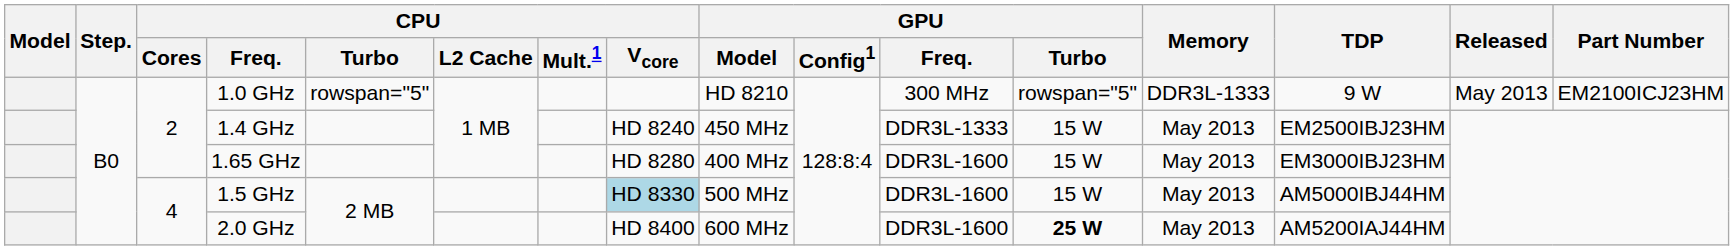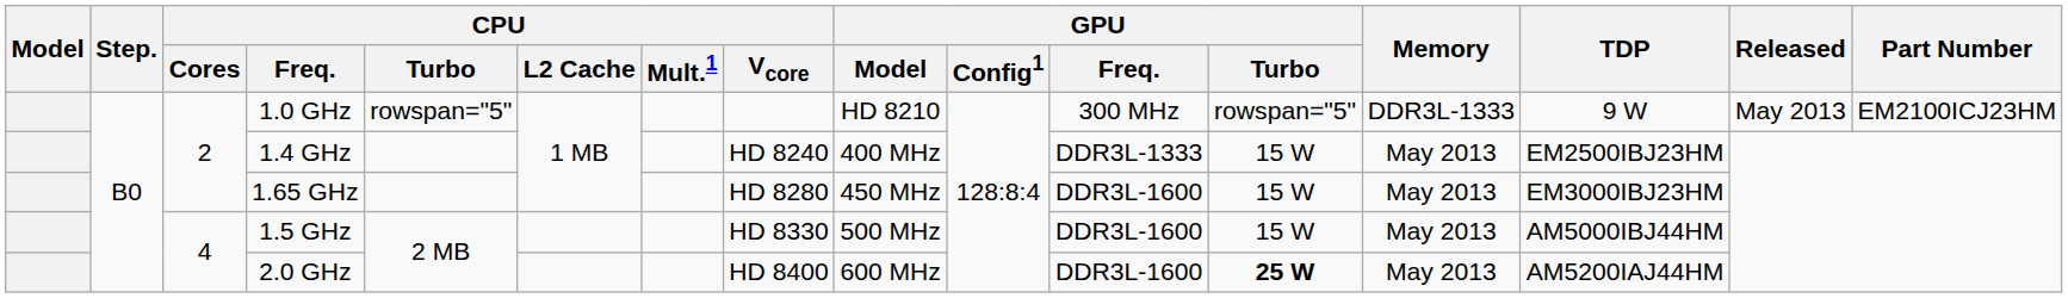 <table class="wikitable" style="text-align: center;">
 <tr>
 <th rowspan="2">Model</th>
 <th rowspan="2">Step.</th>
 <th colspan="6">CPU</th>
 <th colspan="4">GPU</th>
 <th rowspan="2">Memory</th>
 <th rowspan="2">TDP</th>
 <th rowspan="2">Released</th>
 <th rowspan="2">Part Number</th>
 </tr>
 <tr>
 <th>Cores</th>
 <th>Freq.</th>
 <th>Turbo</th>
 <th>L2 Cache</th>
 <th>Mult.<sup><a href='#'>1</a></sup></th>
 <th>V<sub>core</sub></th>
 <th>Model</th>
 <th>Config<sup>1</sup></th>
 <th>Freq.</th>
 <th>Turbo</th>
 </tr>
 <tr>
 <th style="text-align: left;"></th>
 <td rowspan="5">B0</td>
 <td rowspan="3">2</td>
 <td>1.0 GHz</td>
 <td>rowspan="5" </td>
 <td rowspan="3">1 MB</td>
 <td></td>
 <td></td>
 <td>HD 8210</td>
 <td rowspan="5">128:8:4</td>
 <td>300 MHz</td>
 <td>rowspan="5" </td>
 <td>DDR3L-1333</td>
 <td>9 W</td>
 <td>May 2013</td>
 <td>EM2100ICJ23HM</td>
 </tr>
 <tr>
 <th style="text-align: left;"></th>
 <td>1.4 GHz</td>
 <td></td>
 <td></td>
 <td>HD 8240</td>
-<td>450 MHz</td>
+<td>400 MHz</td>
 <td>DDR3L-1333</td>
 <td>15 W</td>
 <td>May 2013</td>
 <td>EM2500IBJ23HM</td>
 </tr>
 <tr>
 <th style="text-align: left;"></th>
 <td>1.65 GHz</td>
 <td></td>
 <td></td>
 <td>HD 8280</td>
-<td>400 MHz</td>
+<td>450 MHz</td>
 <td>DDR3L-1600</td>
 <td>15 W</td>
 <td>May 2013</td>
 <td>EM3000IBJ23HM</td>
 </tr>
 <tr>
 <th style="text-align: left;"></th>
 <td rowspan="2">4</td>
 <td>1.5 GHz</td>
 <td rowspan="2">2 MB</td>
 <td></td>
 <td></td>
-<td style="background: lightblue;">HD 8330</td>
+<td>HD 8330</td>
 <td>500 MHz</td>
 <td>DDR3L-1600</td>
 <td>15 W</td>
 <td>May 2013</td>
 <td>AM5000IBJ44HM</td>
 </tr>
 <tr>
 <th style="text-align: left;"></th>
 <td>2.0 GHz</td>
 <td></td>
 <td></td>
 <td>HD 8400</td>
 <td>600 MHz</td>
 <td>DDR3L-1600</td>
 <td><strong>25 W</strong></td>
 <td>May 2013</td>
 <td>AM5200IAJ44HM</td>
 </tr>
 </table>
